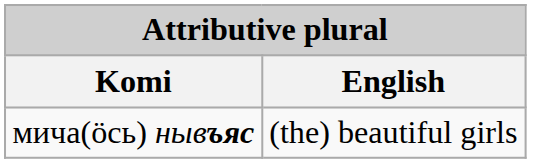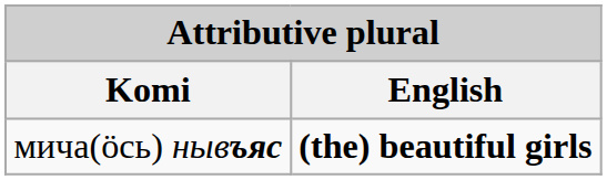 <table class="wikitable">
 <tr>
 <th colspan="2" style="background:#cfcfcf;">Attributive plural</th>
 </tr>
 <tr style="background:#dfdfdf;" |>
 <th>Komi</th>
 <th>English</th>
 </tr>
 <tr>
 <td>мича(ӧсь) <em>ныв<strong>ъяс<strong><em></td>
-<td>(the) beautiful </em>girls<em></td>
+<td><strong>(the) beautiful </em>girls<em></strong></td>
 </tr>
 </table>
